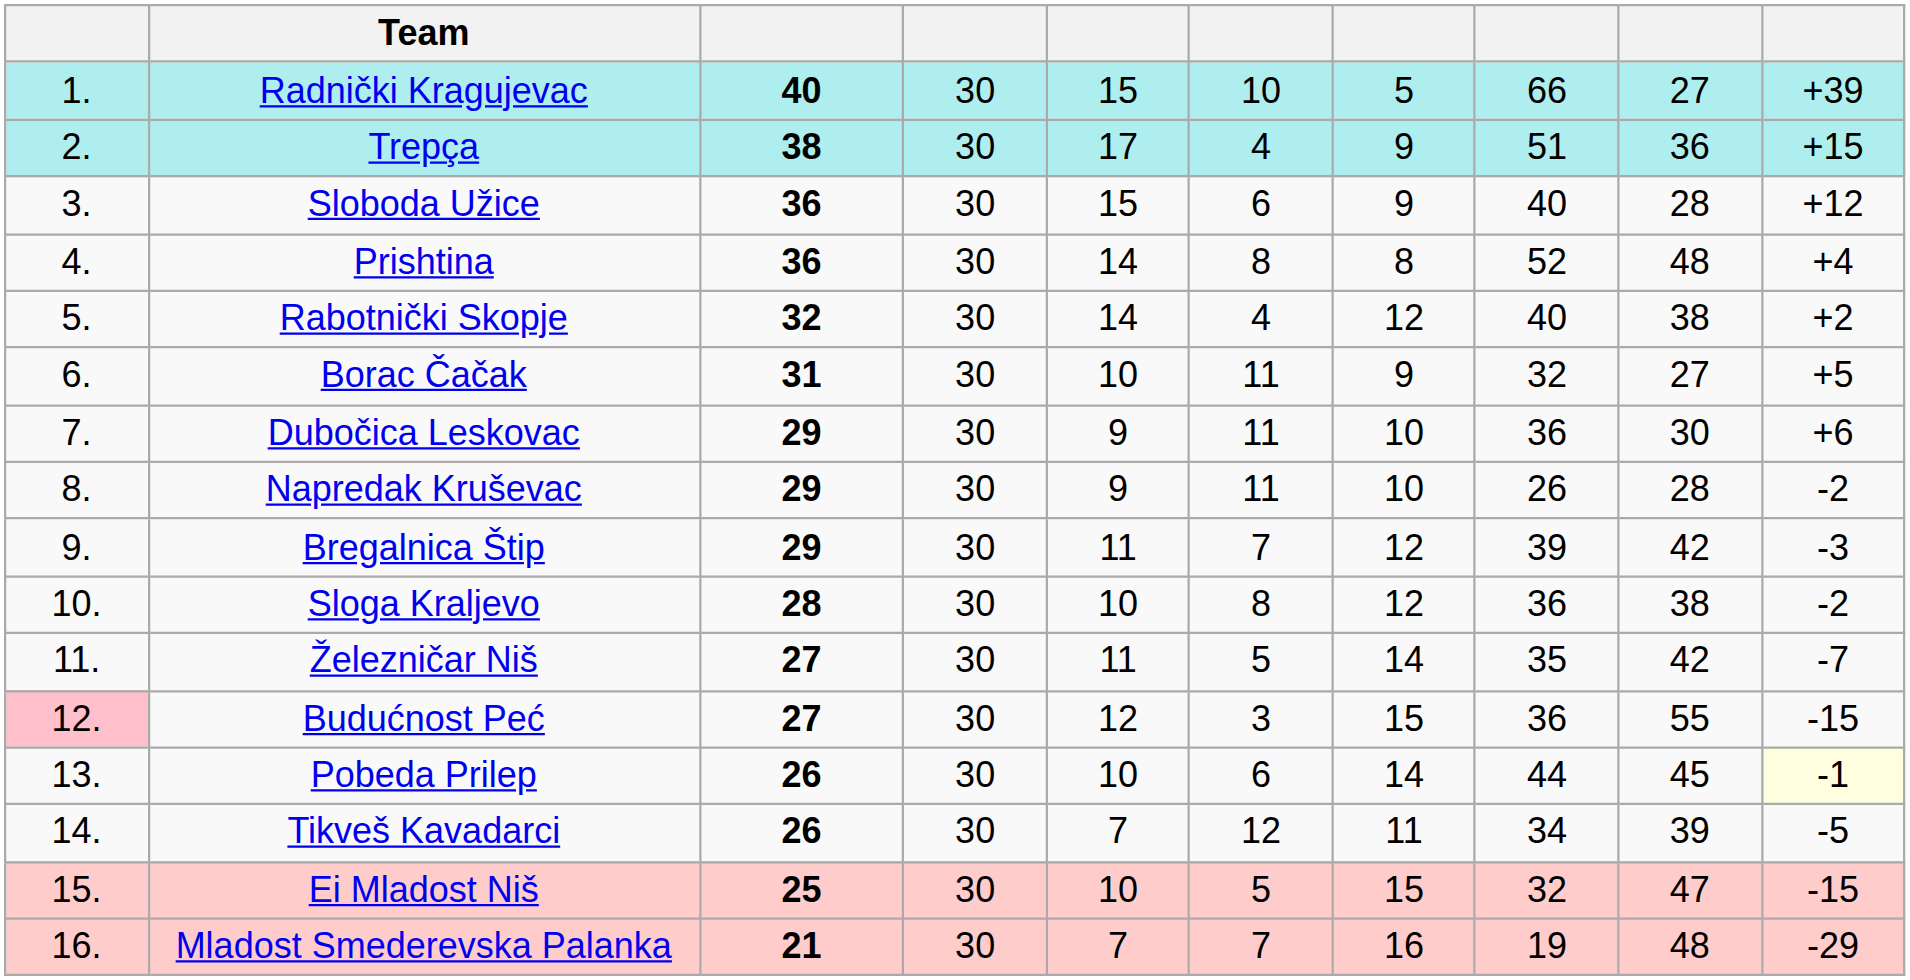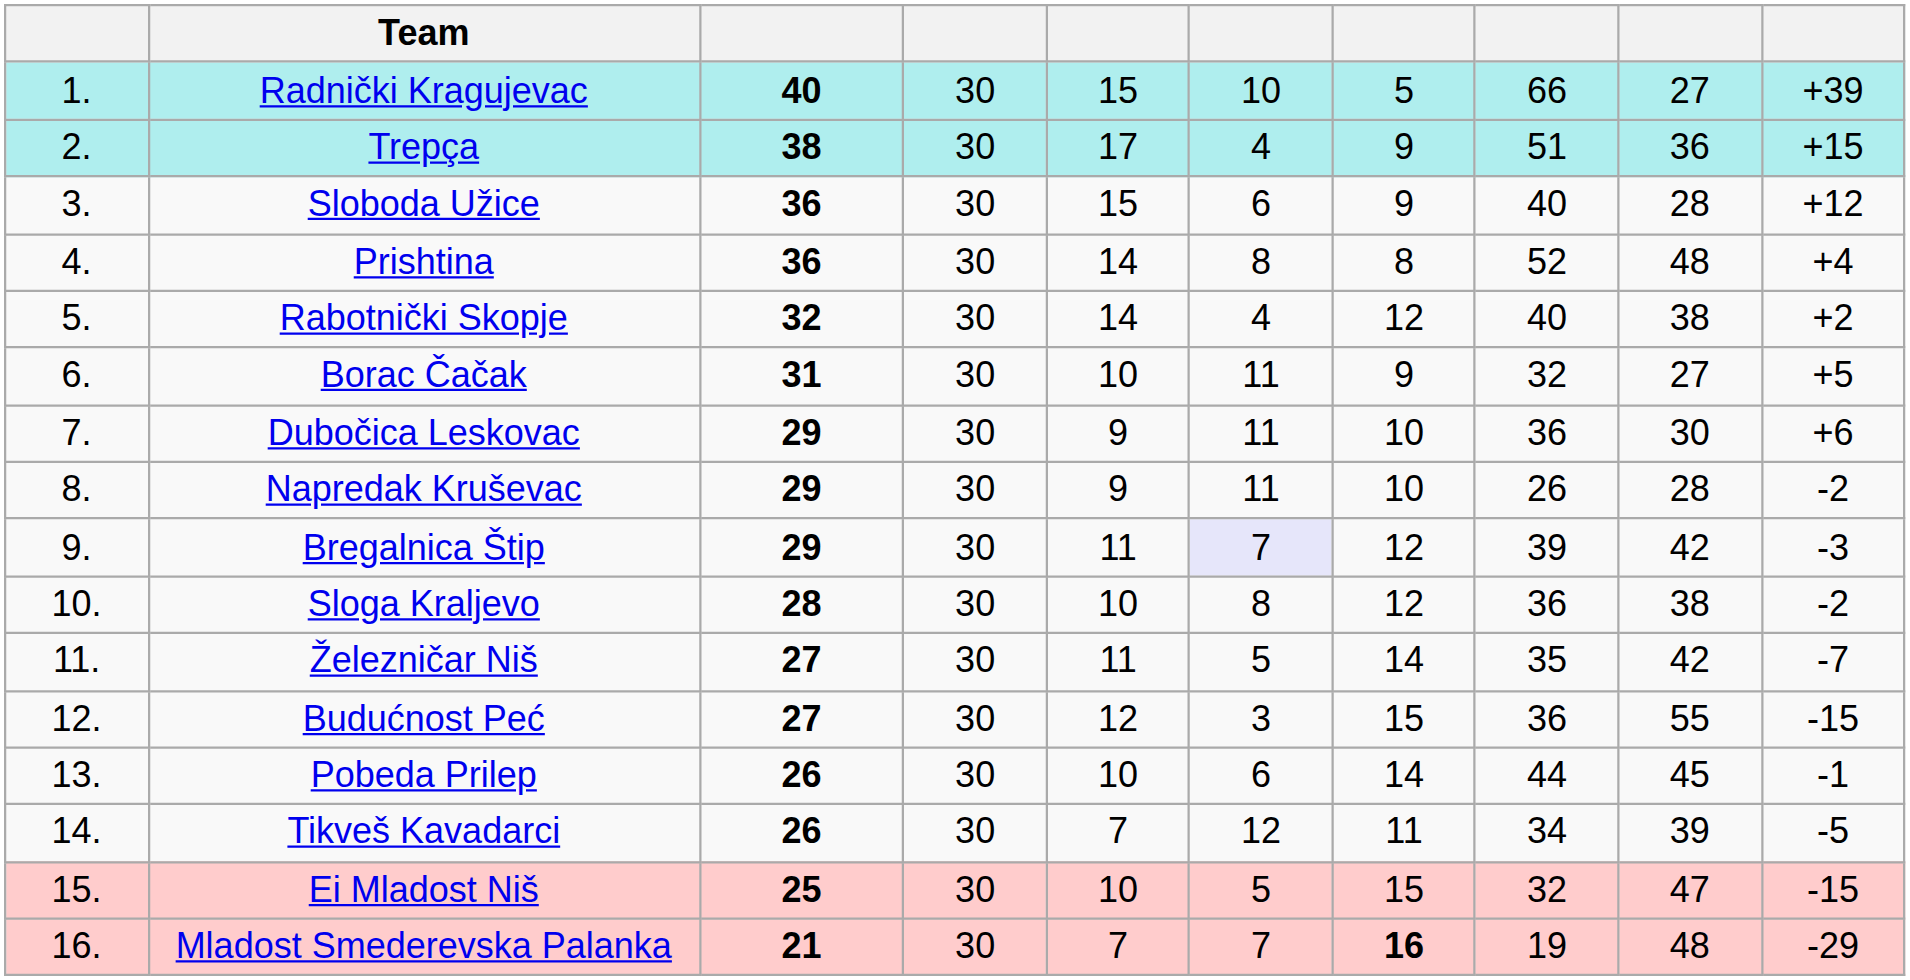 <table class="wikitable sortable" style="text-align: center; font-size: 100%;">
 <tr>
 <th width=7%></th>
 <th width=27%>Team</th>
 <th width=10%></th>
 <th width=7%></th>
 <th width=7%></th>
 <th width=7%></th>
 <th width=7%></th>
 <th width=7%></th>
 <th width=7%></th>
 <th width=7%></th>
 </tr>
 <tr style="background:#AFEEEE;">
 <td>1.</td>
 <td><a href='#'>Radnički Kragujevac</a></td>
 <td><strong>40</strong></td>
 <td>30</td>
 <td>15</td>
 <td>10</td>
 <td>5</td>
 <td>66</td>
 <td>27</td>
 <td>+39</td>
 </tr>
 <tr style="background:#AFEEEE;">
 <td>2.</td>
 <td><a href='#'>Trepça</a></td>
 <td><strong>38</strong></td>
 <td>30</td>
 <td>17</td>
 <td>4</td>
 <td>9</td>
 <td>51</td>
 <td>36</td>
 <td>+15</td>
 </tr>
 <tr>
 <td>3.</td>
 <td><a href='#'>Sloboda Užice</a></td>
 <td><strong>36</strong></td>
 <td>30</td>
 <td>15</td>
 <td>6</td>
 <td>9</td>
 <td>40</td>
 <td>28</td>
 <td>+12</td>
 </tr>
 <tr>
 <td>4.</td>
 <td><a href='#'>Prishtina</a></td>
 <td><strong>36</strong></td>
 <td>30</td>
 <td>14</td>
 <td>8</td>
 <td>8</td>
 <td>52</td>
 <td>48</td>
 <td>+4</td>
 </tr>
 <tr>
 <td>5.</td>
 <td><a href='#'>Rabotnički Skopje</a></td>
 <td><strong>32</strong></td>
 <td>30</td>
 <td>14</td>
 <td>4</td>
 <td>12</td>
 <td>40</td>
 <td>38</td>
 <td>+2</td>
 </tr>
 <tr>
 <td>6.</td>
 <td><a href='#'>Borac Čačak</a></td>
 <td><strong>31</strong></td>
 <td>30</td>
 <td>10</td>
 <td>11</td>
 <td>9</td>
 <td>32</td>
 <td>27</td>
 <td>+5</td>
 </tr>
 <tr>
 <td>7.</td>
 <td><a href='#'>Dubočica Leskovac</a></td>
 <td><strong>29</strong></td>
 <td>30</td>
 <td>9</td>
 <td>11</td>
 <td>10</td>
 <td>36</td>
 <td>30</td>
 <td>+6</td>
 </tr>
 <tr>
 <td>8.</td>
 <td><a href='#'>Napredak Kruševac</a></td>
 <td><strong>29</strong></td>
 <td>30</td>
 <td>9</td>
 <td>11</td>
 <td>10</td>
 <td>26</td>
 <td>28</td>
 <td>-2</td>
 </tr>
 <tr>
 <td>9.</td>
 <td><a href='#'>Bregalnica Štip</a></td>
 <td><strong>29</strong></td>
 <td>30</td>
 <td>11</td>
-<td>7</td>
+<td style="background: lavender;">7</td>
 <td>12</td>
 <td>39</td>
 <td>42</td>
 <td>-3</td>
 </tr>
 <tr>
 <td>10.</td>
 <td><a href='#'>Sloga Kraljevo</a></td>
 <td><strong>28</strong></td>
 <td>30</td>
 <td>10</td>
 <td>8</td>
 <td>12</td>
 <td>36</td>
 <td>38</td>
 <td>-2</td>
 </tr>
 <tr>
 <td>11.</td>
 <td><a href='#'>Železničar Niš</a></td>
 <td><strong>27</strong></td>
 <td>30</td>
 <td>11</td>
 <td>5</td>
 <td>14</td>
 <td>35</td>
 <td>42</td>
 <td>-7</td>
 </tr>
 <tr>
-<td style="background: pink;">12.</td>
+<td>12.</td>
 <td><a href='#'>Budućnost Peć</a></td>
 <td><strong>27</strong></td>
 <td>30</td>
 <td>12</td>
 <td>3</td>
 <td>15</td>
 <td>36</td>
 <td>55</td>
 <td>-15</td>
 </tr>
 <tr>
 <td>13.</td>
 <td><a href='#'>Pobeda Prilep</a></td>
 <td><strong>26</strong></td>
 <td>30</td>
 <td>10</td>
 <td>6</td>
 <td>14</td>
 <td>44</td>
 <td>45</td>
-<td style="background: lightyellow;">-1</td>
+<td>-1</td>
 </tr>
 <tr>
 <td>14.</td>
 <td><a href='#'>Tikveš Kavadarci</a></td>
 <td><strong>26</strong></td>
 <td>30</td>
 <td>7</td>
 <td>12</td>
 <td>11</td>
 <td>34</td>
 <td>39</td>
 <td>-5</td>
 </tr>
 <tr style="background-color:#FFCCCC;">
 <td>15.</td>
 <td><a href='#'>Ei Mladost Niš</a></td>
 <td><strong>25</strong></td>
 <td>30</td>
 <td>10</td>
 <td>5</td>
 <td>15</td>
 <td>32</td>
 <td>47</td>
 <td>-15</td>
 </tr>
 <tr style="background-color:#FFCCCC;">
 <td>16.</td>
 <td><a href='#'>Mladost Smederevska Palanka</a></td>
 <td><strong>21</strong></td>
 <td>30</td>
 <td>7</td>
 <td>7</td>
-<td>16</td>
+<td><strong>16</strong></td>
 <td>19</td>
 <td>48</td>
 <td>-29</td>
 </tr>
 </table>
